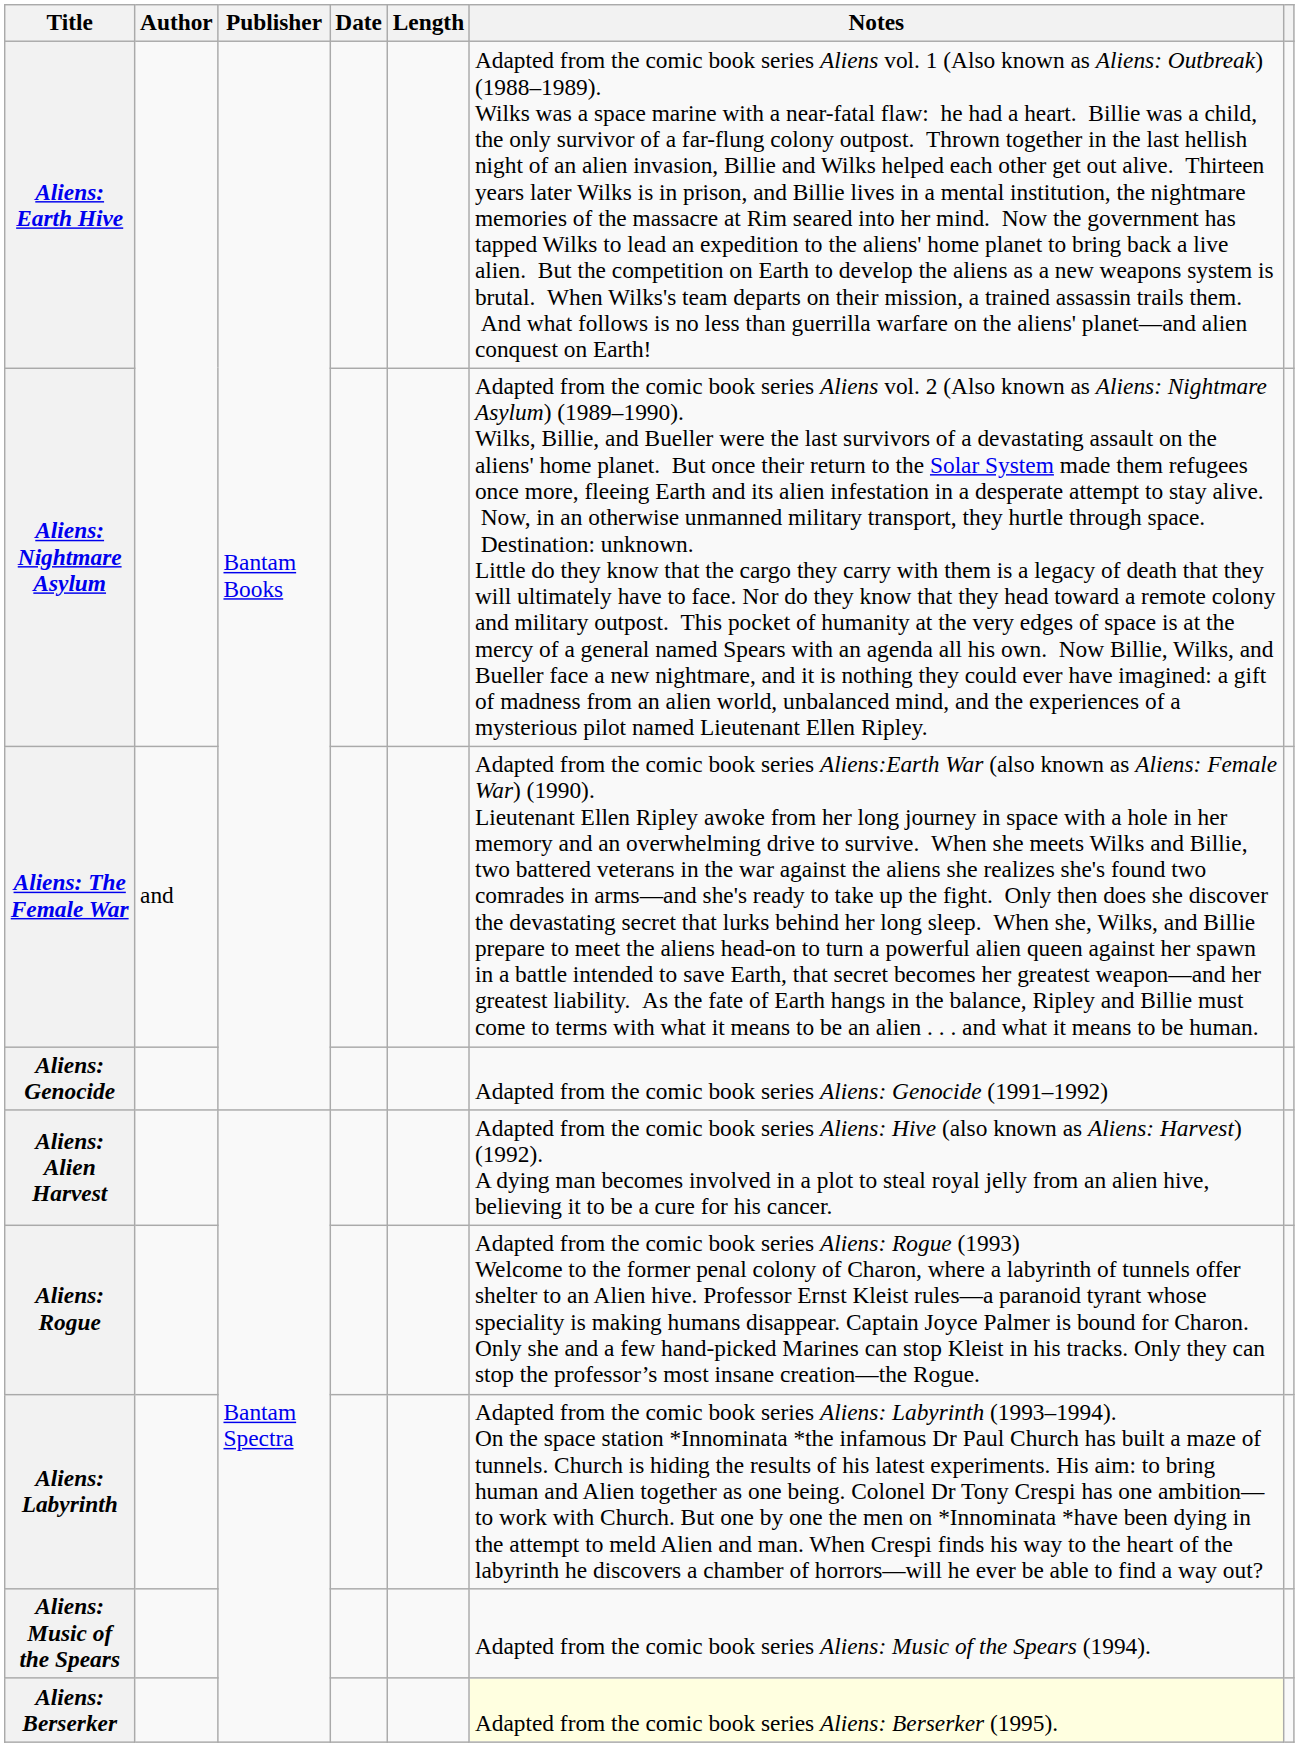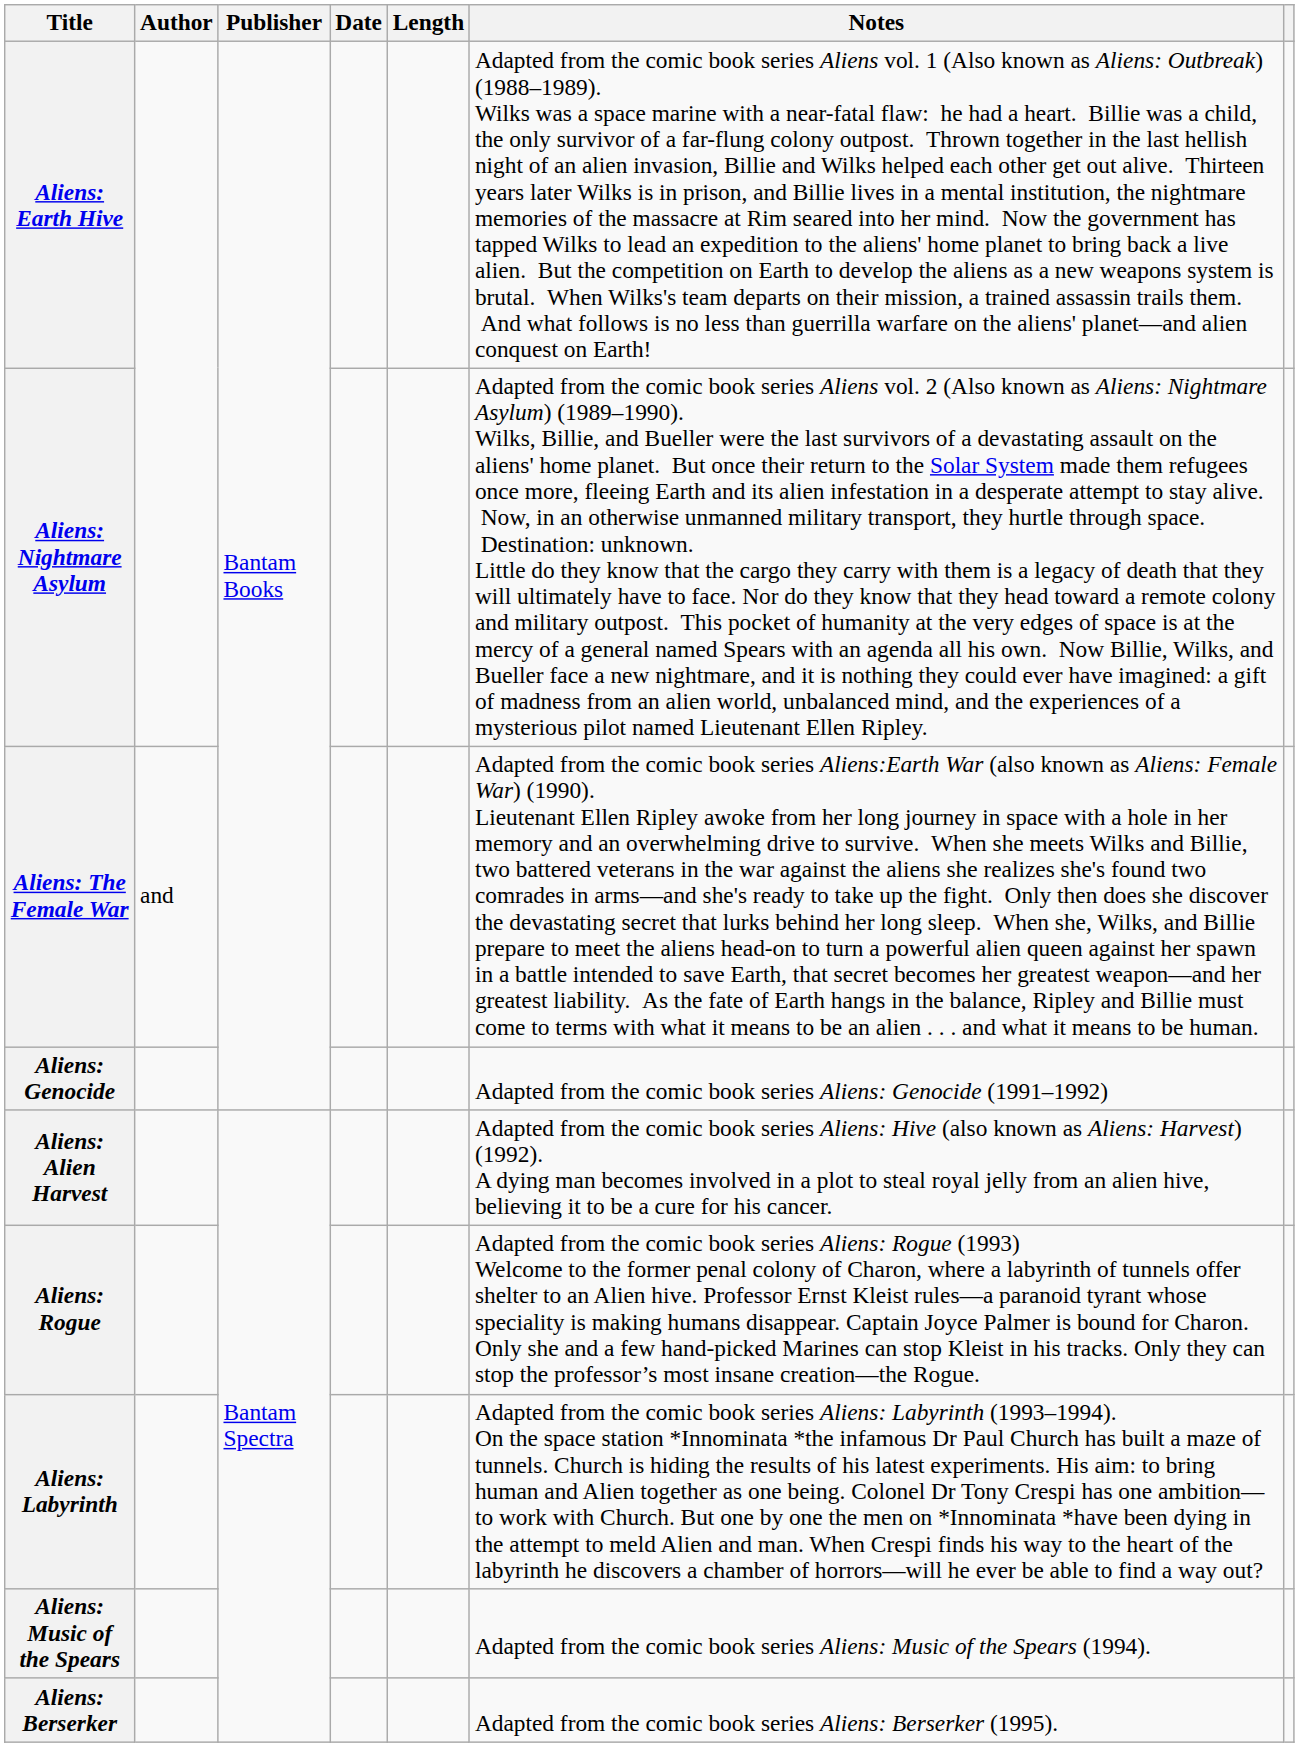 <table class="wikitable plainrowheaders sortable" style="margin-right: 0;">
 <tr>
 <th scope="col">Title</th>
 <th scope="col">Author</th>
 <th scope="col">Publisher</th>
 <th scope="col">Date</th>
 <th scope="col">Length</th>
 <th scope="col" class="unsortable">Notes</th>
 <th scope="col" class="unsortable"></th>
 </tr>
 <tr>
 <th scope="row"><em><a href='#'>Aliens: Earth Hive</a></em></th>
 <td rowspan="2"></td>
 <td rowspan="4"><a href='#'>Bantam Books</a></td>
 <td></td>
 <td></td>
 <td>Adapted from the comic book series <em>Aliens</em> vol. 1 (Also known as <em>Aliens: Outbreak</em>) (1988–1989).<br>Wilks was a space marine with a near-fatal flaw:  he had a heart.  Billie was a child, the only survivor of a far-flung colony outpost.  Thrown together in the last hellish night of an alien invasion, Billie and Wilks helped each other get out alive.  Thirteen years later Wilks is in prison, and Billie lives in a mental institution, the nightmare memories of the massacre at Rim seared into her mind.  Now the government has tapped Wilks to lead an expedition to the aliens' home planet to bring back a live alien.  But the competition on Earth to develop the aliens as a new weapons system is brutal.  When Wilks's team departs on their mission, a trained assassin trails them.  And what follows is no less than guerrilla warfare on the aliens' planet—and alien conquest on Earth!</td>
 <td style="text-align: center;"></td>
 </tr>
 <tr>
 <th scope="row"><em><a href='#'>Aliens: Nightmare Asylum</a></em></th>
 <td></td>
 <td></td>
 <td>Adapted from the comic book series <em>Aliens</em> vol. 2 (Also known as <em>Aliens: Nightmare Asylum</em>) (1989–1990).<br>Wilks, Billie, and Bueller were the last survivors of a devastating assault on the aliens' home planet.  But once their return to the <a href='#'>Solar System</a> made them refugees once more, fleeing Earth and its alien infestation in a desperate attempt to stay alive.  Now, in an otherwise unmanned military transport, they hurtle through space.  Destination: unknown.<br>Little do they know that the cargo they carry with them is a legacy of death that they will ultimately have to face. Nor do they know that they head toward a remote colony and military outpost.  This pocket of humanity at the very edges of space is at the mercy of a general named Spears with an agenda all his own.  Now Billie, Wilks, and Bueller face a new nightmare, and it is nothing they could ever have imagined: a gift of madness from an alien world, unbalanced mind, and the experiences of a mysterious pilot named Lieutenant Ellen Ripley.</td>
 <td style="text-align: center;"></td>
 </tr>
 <tr>
 <th scope="row"><em><a href='#'>Aliens: The Female War</a></em></th>
 <td> and </td>
 <td></td>
 <td></td>
 <td>Adapted from the comic book series <em>Aliens:Earth War</em> (also known as <em>Aliens: Female War</em>) (1990).<br>Lieutenant Ellen Ripley awoke from her long journey in space with a hole in her memory and an overwhelming drive to survive.  When she meets Wilks and Billie, two battered veterans in the war against the aliens she realizes she's found two comrades in arms—and she's ready to take up the fight.  Only then does she discover the devastating secret that lurks behind her long sleep.  When she, Wilks, and Billie prepare to meet the aliens head-on to turn a powerful alien queen against her spawn in a battle intended to save Earth, that secret becomes her greatest weapon—and her greatest liability.  As the fate of Earth hangs in the balance, Ripley and Billie must come to terms with what it means to be an alien . . . and what it means to be human.</td>
 <td style="text-align: center;"></td>
 </tr>
 <tr>
 <th scope="row"><em>Aliens: Genocide</em></th>
 <td></td>
 <td></td>
 <td></td>
 <td><br>Adapted from the comic book series <em>Aliens: Genocide</em> (1991–1992)</td>
 <td></td>
 </tr>
 <tr>
 <th scope="row"><em>Aliens: Alien Harvest</em></th>
 <td></td>
 <td rowspan="5"><a href='#'>Bantam Spectra</a></td>
 <td></td>
 <td></td>
 <td>Adapted from the comic book series <em>Aliens: Hive</em> (also known as <em>Aliens: Harvest</em>) (1992).<br>A dying man becomes involved in a plot to steal royal jelly from an alien hive, believing it to be a cure for his cancer.</td>
 <td style="text-align: center;"></td>
 </tr>
 <tr>
 <th scope="row"><em>Aliens: Rogue</em></th>
 <td></td>
 <td></td>
 <td></td>
 <td>Adapted from the comic book series <em>Aliens: Rogue</em> (1993)<br>Welcome to the former penal colony of Charon, where a labyrinth of tunnels offer shelter to an Alien hive. Professor Ernst Kleist rules—a paranoid tyrant whose speciality is making humans disappear. Captain Joyce Palmer is bound for Charon. Only she and a few hand-picked Marines can stop Kleist in his tracks. Only they can stop the professor’s most insane creation—the Rogue.</td>
 <td style="text-align: center;"></td>
 </tr>
 <tr>
 <th scope="row"><em>Aliens: Labyrinth</em></th>
 <td></td>
 <td></td>
 <td></td>
 <td>Adapted from the comic book series <em>Aliens: Labyrinth</em> (1993–1994).<br>On the space station *Innominata *the infamous Dr Paul Church has built a maze of tunnels. Church is hiding the results of his latest experiments. His aim: to bring human and Alien together as one being. Colonel Dr Tony Crespi has one ambition—to work with Church. But one by one the men on *Innominata *have been dying in the attempt to meld Alien and man. When Crespi finds his way to the heart of the labyrinth he discovers a chamber of horrors—will he ever be able to find a way out?</td>
 <td style="text-align: center;"></td>
 </tr>
 <tr>
 <th scope="row"><em>Aliens: Music of the Spears</em></th>
 <td></td>
 <td></td>
 <td></td>
 <td><br>Adapted from the comic book series <em>Aliens: Music of the Spears</em> (1994).</td>
 <td></td>
 </tr>
 <tr>
 <th scope="row"><em>Aliens: Berserker</em></th>
 <td></td>
 <td></td>
 <td></td>
-<td style="background: lightyellow;"><br>Adapted from the comic book series <em>Aliens: Berserker</em> (1995).</td>
+<td><br>Adapted from the comic book series <em>Aliens: Berserker</em> (1995).</td>
 <td></td>
 </tr>
 </table>
